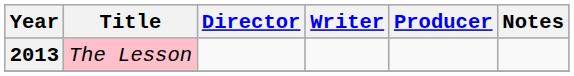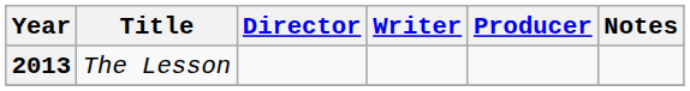 <table class="wikitable plainrowheaders">
 <tr>
 <th scope="col">Year</th>
 <th scope="col">Title</th>
 <th scope="col"><a href='#'>Director</a></th>
 <th scope="col"><a href='#'>Writer</a></th>
 <th scope="col"><a href='#'>Producer</a></th>
 <th scope="col">Notes</th>
 </tr>
 <tr>
 <th scope=row>2013</th>
-<td style="background: pink;"><em>The Lesson</em></td>
+<td><em>The Lesson</em></td>
 <td></td>
 <td></td>
 <td></td>
 <td></td>
 </tr>
 <tr>
 </tr>
 </table>
